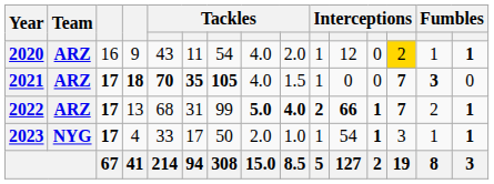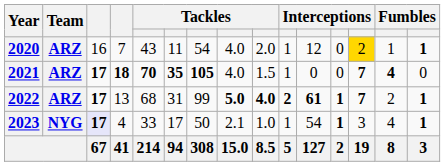 <table class="wikitable sortable" style="text-align:center;">
 <tr>
 <th rowspan="2">Year</th>
 <th rowspan="2">Team</th>
 <th rowspan="2"></th>
 <th rowspan="2"></th>
 <th colspan="5">Tackles</th>
 <th colspan="4">Interceptions</th>
 <th colspan="2">Fumbles</th>
 </tr>
 <tr>
 <th></th>
 <th></th>
 <th></th>
 <th></th>
 <th></th>
 <th></th>
 <th></th>
 <th></th>
 <th></th>
 <th></th>
 <th></th>
 </tr>
 <tr>
 <th><a href='#'>2020</a></th>
 <th><a href='#'>ARZ</a></th>
 <td>16</td>
-<td>9</td>
+<td>7</td>
 <td>43</td>
 <td>11</td>
 <td>54</td>
 <td>4.0</td>
 <td>2.0</td>
 <td>1</td>
 <td>12</td>
 <td>0</td>
 <td style="background: gold;">2</td>
 <td>1</td>
 <td><strong>1</strong></td>
 </tr>
 <tr>
 <th><a href='#'>2021</a></th>
 <th><a href='#'>ARZ</a></th>
 <td><strong>17</strong></td>
 <td><strong>18</strong></td>
 <td><strong>70</strong></td>
 <td><strong>35</strong></td>
 <td><strong>105</strong></td>
 <td>4.0</td>
 <td>1.5</td>
 <td>1</td>
 <td>0</td>
 <td>0</td>
 <td><strong>7</strong></td>
-<td><strong>3</strong></td>
+<td><strong>4</strong></td>
 <td>0</td>
 </tr>
 <tr>
 <th><a href='#'>2022</a></th>
 <th><a href='#'>ARZ</a></th>
 <td><strong>17</strong></td>
 <td>13</td>
 <td>68</td>
 <td>31</td>
 <td>99</td>
 <td><strong>5.0</strong></td>
 <td><strong>4.0</strong></td>
 <td><strong>2</strong></td>
-<td><strong>66</strong></td>
+<td><strong>61</strong></td>
 <td><strong>1</strong></td>
 <td><strong>7</strong></td>
 <td>2</td>
 <td><strong>1</strong></td>
 </tr>
 <tr>
 <th><a href='#'>2023</a></th>
 <th><a href='#'>NYG</a></th>
-<td><strong>17</strong></td>
+<td style="background: lavender;"><strong>17</strong></td>
 <td>4</td>
 <td>33</td>
 <td>17</td>
 <td>50</td>
-<td>2.0</td>
+<td>2.1</td>
 <td>1.0</td>
 <td>1</td>
 <td>54</td>
 <td><strong>1</strong></td>
 <td>3</td>
-<td>1</td>
+<td>4</td>
 <td><strong>1</strong></td>
 </tr>
 <tr>
 <th colspan="2"></th>
 <th>67</th>
 <th>41</th>
 <th>214</th>
 <th>94</th>
 <th>308</th>
 <th>15.0</th>
 <th>8.5</th>
 <th>5</th>
 <th>127</th>
 <th>2</th>
 <th>19</th>
 <th>8</th>
 <th>3</th>
 </tr>
 </table>
